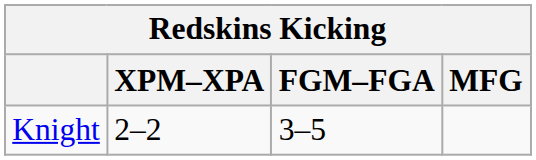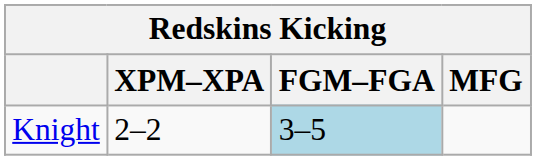 <table class="wikitable">
 <tr>
 <th colspan="4">Redskins Kicking</th>
 </tr>
 <tr>
 <th></th>
 <th>XPM–XPA</th>
 <th>FGM–FGA</th>
 <th>MFG</th>
 </tr>
 <tr>
 <td><a href='#'>Knight</a></td>
 <td>2–2</td>
-<td>3–5</td>
+<td style="background: lightblue;">3–5</td>
 <td></td>
 </tr>
 </table>
